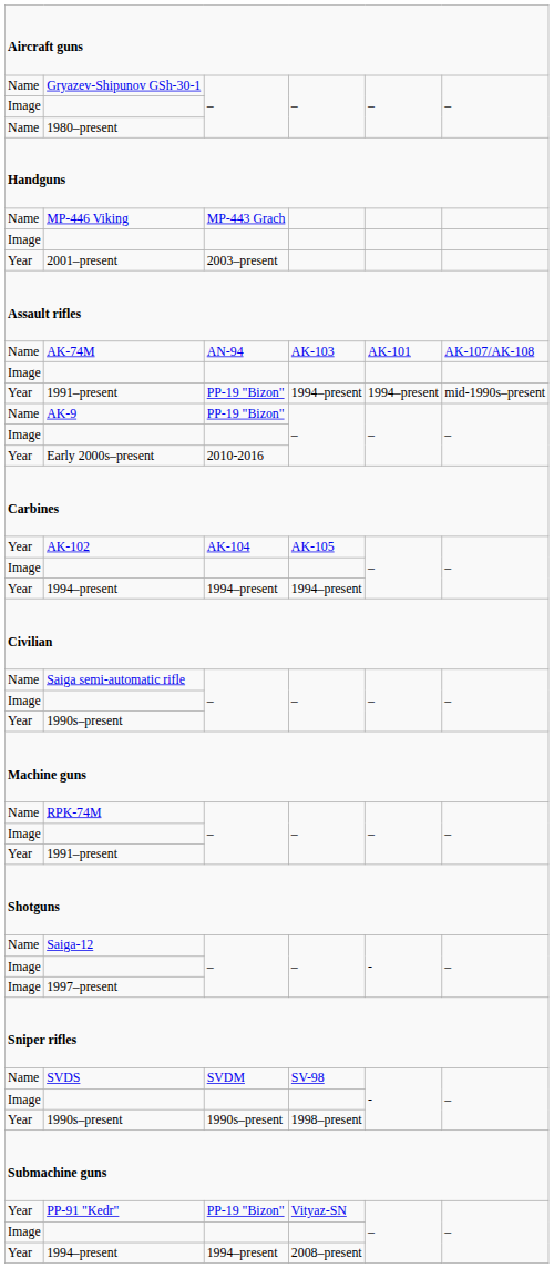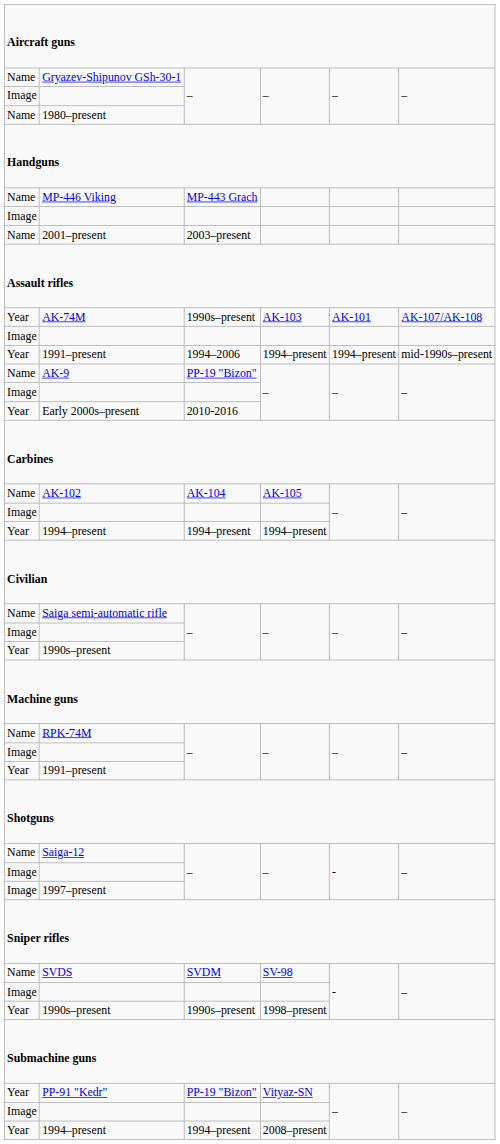 <table class="wikitable">
 <tr>
 <td colspan="6"><br><h4>Aircraft guns</h4></td>
 </tr>
 <tr>
 <td>Name</td>
 <td><a href='#'>Gryazev-Shipunov GSh-30-1</a></td>
 <td rowspan="3">–</td>
 <td rowspan="3">–</td>
 <td rowspan="3">–</td>
 <td rowspan="3">–</td>
 </tr>
 <tr>
 <td>Image</td>
 <td></td>
 </tr>
 <tr>
 <td>Name</td>
 <td>1980–present</td>
 </tr>
 <tr>
 <td colspan="6"><br><h4>Handguns</h4></td>
 </tr>
 <tr>
 <td>Name</td>
 <td><a href='#'>MP-446 Viking</a></td>
 <td><a href='#'>MP-443 Grach</a></td>
 <td></td>
 <td></td>
 <td></td>
 </tr>
 <tr>
 <td>Image</td>
 <td></td>
 <td></td>
 <td></td>
 <td></td>
 <td></td>
 </tr>
 <tr>
-<td>Year</td>
+<td>Name</td>
 <td>2001–present</td>
 <td>2003–present</td>
 <td></td>
 <td></td>
 <td></td>
 </tr>
 <tr>
 <td colspan="6"><br><h4>Assault rifles</h4></td>
 </tr>
 <tr>
-<td>Name</td>
+<td>Year</td>
 <td><a href='#'>AK-74M</a></td>
-<td><a href='#'>AN-94</a></td>
+<td>1990s–present</td>
 <td><a href='#'>AK-103</a></td>
 <td><a href='#'>AK-101</a></td>
 <td><a href='#'>AK-107/AK-108</a></td>
 </tr>
 <tr>
 <td>Image</td>
 <td></td>
 <td></td>
 <td></td>
 <td></td>
 <td></td>
 </tr>
 <tr>
 <td>Year</td>
 <td>1991–present</td>
-<td><a href='#'>PP-19 "Bizon"</a></td>
+<td>1994–2006</td>
 <td>1994–present</td>
 <td>1994–present</td>
 <td>mid-1990s–present</td>
 </tr>
 <tr>
 <td>Name</td>
 <td><a href='#'>AK-9</a></td>
 <td><a href='#'>PP-19 "Bizon"</a></td>
 <td rowspan="3">–</td>
 <td rowspan="3">–</td>
 <td rowspan="3">–</td>
 </tr>
 <tr>
 <td>Image</td>
 <td></td>
 <td></td>
 </tr>
 <tr>
 <td>Year</td>
 <td>Early 2000s–present</td>
 <td>2010-2016</td>
 </tr>
 <tr>
 <td colspan="6"><br><h4>Carbines</h4></td>
 </tr>
 <tr>
-<td>Year</td>
+<td>Name</td>
 <td><a href='#'>AK-102</a></td>
 <td><a href='#'>AK-104</a></td>
 <td><a href='#'>AK-105</a></td>
 <td rowspan="3">–</td>
 <td rowspan="3">–</td>
 </tr>
 <tr>
 <td>Image</td>
 <td></td>
 <td></td>
 <td></td>
 </tr>
 <tr>
 <td>Year</td>
 <td>1994–present</td>
 <td>1994–present</td>
 <td>1994–present</td>
 </tr>
 <tr>
 <td colspan="6"><br><h4>Civilian</h4></td>
 </tr>
 <tr>
 <td>Name</td>
 <td><a href='#'>Saiga semi-automatic rifle</a></td>
 <td rowspan="3">–</td>
 <td rowspan="3">–</td>
 <td rowspan="3">–</td>
 <td rowspan="3">–</td>
 </tr>
 <tr>
 <td>Image</td>
 <td></td>
 </tr>
 <tr>
 <td>Year</td>
 <td>1990s–present</td>
 </tr>
 <tr>
 <td colspan="6"><br><h4>Machine guns</h4></td>
 </tr>
 <tr>
 <td>Name</td>
 <td><a href='#'>RPK-74M</a></td>
 <td rowspan="3">–</td>
 <td rowspan="3">–</td>
 <td rowspan="3">–</td>
 <td rowspan="3">–</td>
 </tr>
 <tr>
 <td>Image</td>
 <td></td>
 </tr>
 <tr>
 <td>Year</td>
 <td>1991–present</td>
 </tr>
 <tr>
 <td colspan="6"><br><h4>Shotguns</h4></td>
 </tr>
 <tr>
 <td>Name</td>
 <td><a href='#'>Saiga-12</a></td>
 <td rowspan="3">–</td>
 <td rowspan="3">–</td>
 <td rowspan="3">-</td>
 <td rowspan="3">–</td>
 </tr>
 <tr>
 <td>Image</td>
 <td></td>
 </tr>
 <tr>
 <td>Image</td>
 <td>1997–present</td>
 </tr>
 <tr>
 <td colspan="6"><br><h4>Sniper rifles</h4></td>
 </tr>
 <tr>
 <td>Name</td>
 <td><a href='#'>SVDS</a></td>
 <td><a href='#'>SVDM</a></td>
 <td><a href='#'>SV-98</a></td>
 <td rowspan="3">-</td>
 <td rowspan="3">–</td>
 </tr>
 <tr>
 <td>Image</td>
 <td></td>
 <td></td>
 <td></td>
 </tr>
 <tr>
 <td>Year</td>
 <td>1990s–present</td>
 <td>1990s–present</td>
 <td>1998–present</td>
 </tr>
 <tr>
 <td colspan="6"><br><h4>Submachine guns</h4></td>
 </tr>
 <tr>
 <td>Year</td>
 <td><a href='#'>PP-91 "Kedr"</a></td>
 <td><a href='#'>PP-19 "Bizon"</a></td>
 <td><a href='#'>Vityaz-SN</a></td>
 <td rowspan="3">–</td>
 <td rowspan="3">–</td>
 </tr>
 <tr>
 <td>Image</td>
 <td></td>
 <td></td>
 <td></td>
 </tr>
 <tr>
 <td>Year</td>
 <td>1994–present</td>
 <td>1994–present</td>
 <td>2008–present</td>
 </tr>
 </table>
